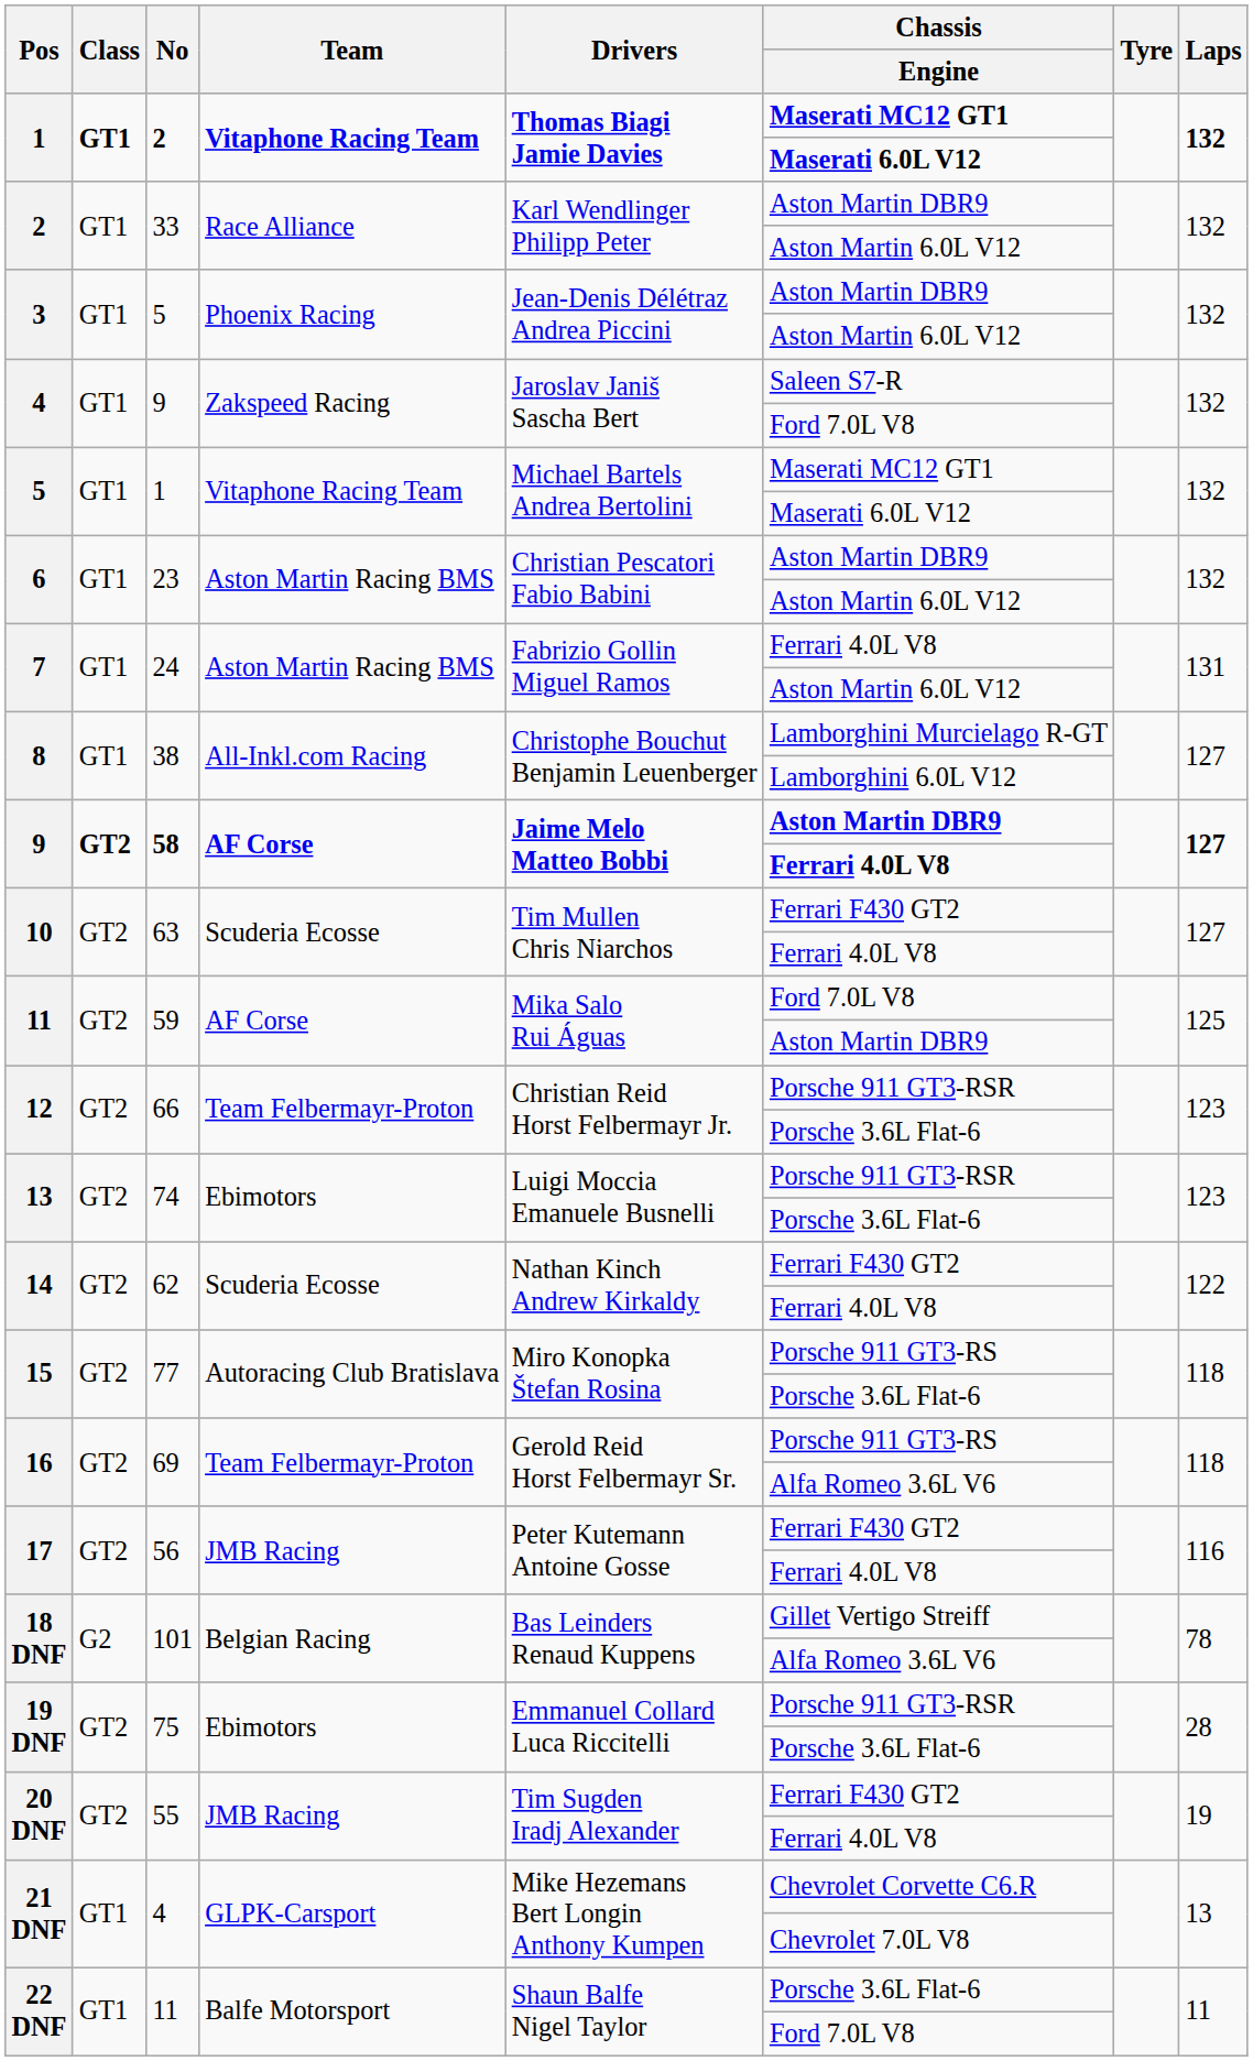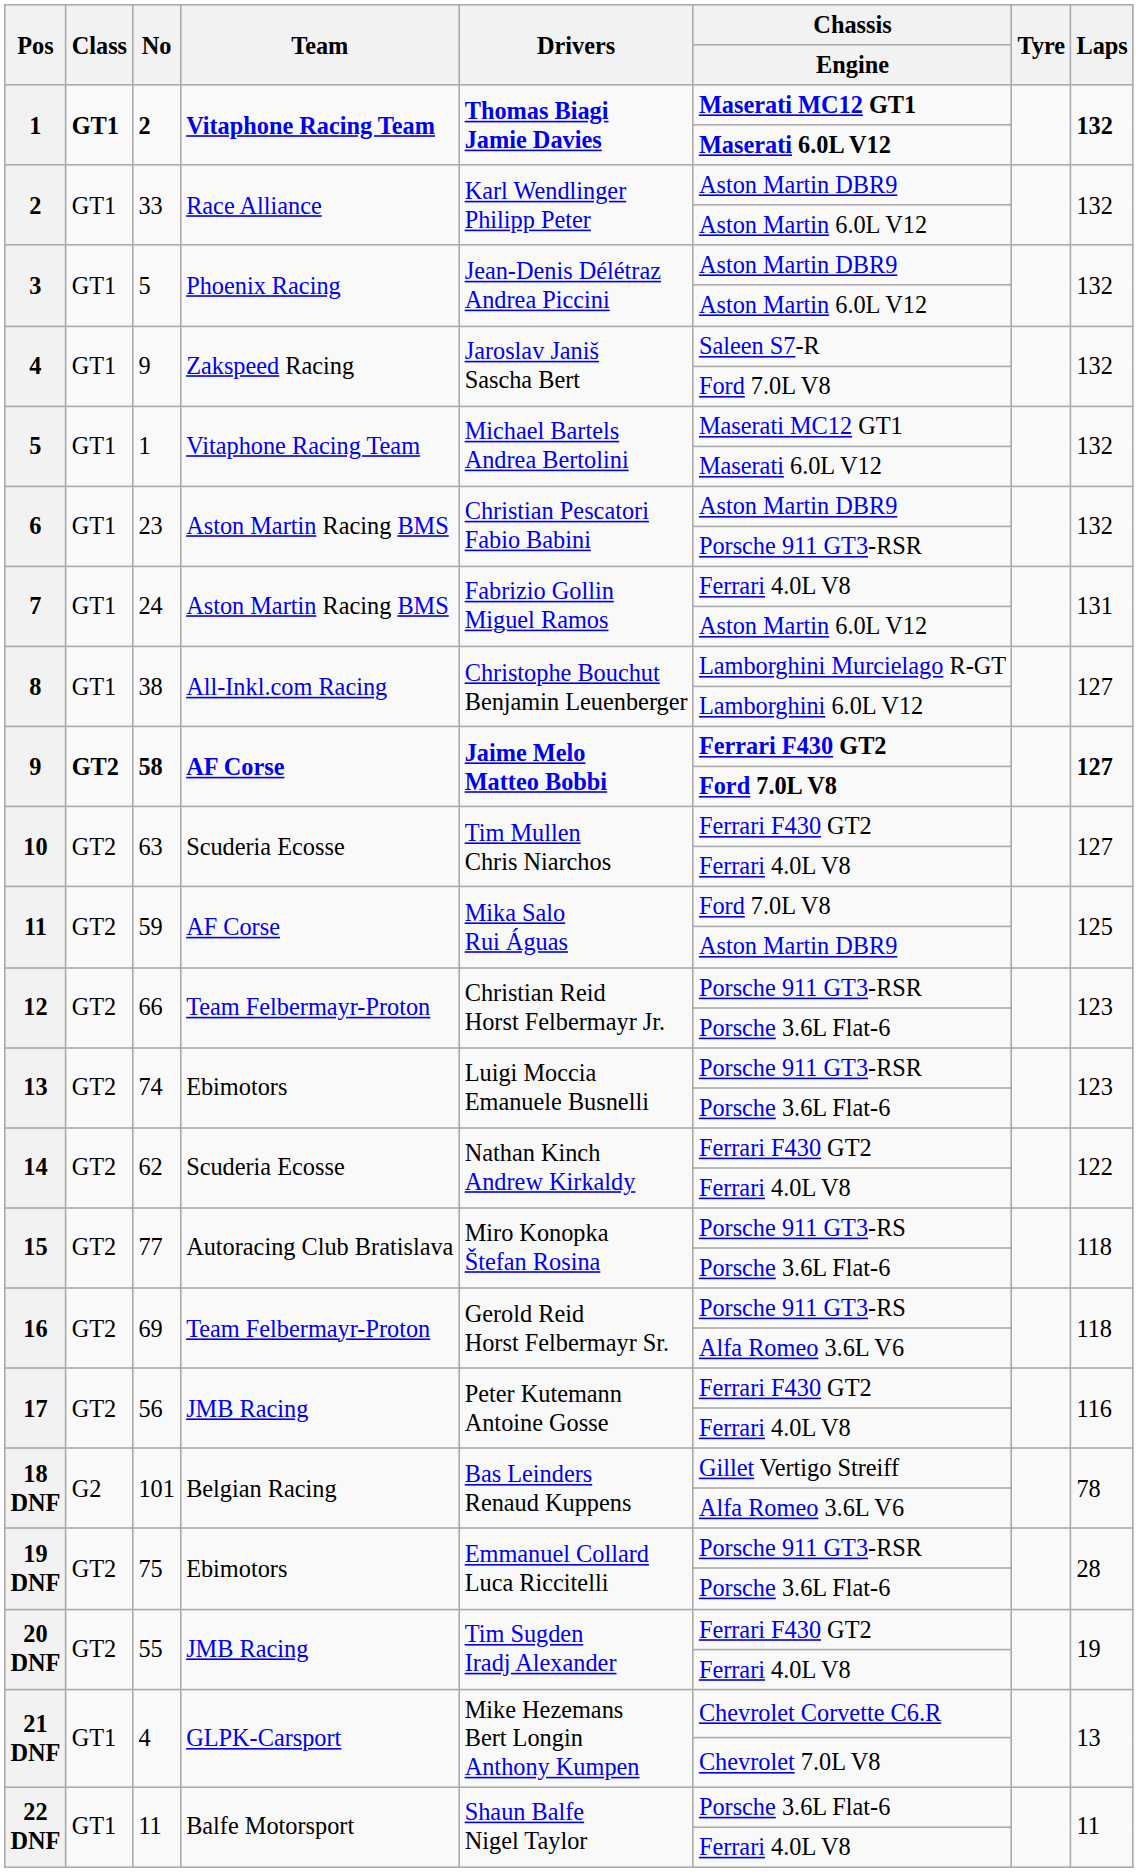 <table class="wikitable" style="font-size: 95%;">
 <tr>
 <th rowspan=2>Pos</th>
 <th rowspan=2>Class</th>
 <th rowspan=2>No</th>
 <th rowspan=2>Team</th>
 <th rowspan=2>Drivers</th>
 <th>Chassis</th>
 <th rowspan=2>Tyre</th>
 <th rowspan=2>Laps</th>
 </tr>
 <tr>
 <th>Engine</th>
 </tr>
 <tr style="font-weight:bold">
 <th rowspan=2>1</th>
 <td rowspan=2>GT1</td>
 <td rowspan=2>2</td>
 <td rowspan=2> <a href='#'>Vitaphone Racing Team</a></td>
 <td rowspan=2> <a href='#'>Thomas Biagi</a><br> <a href='#'>Jamie Davies</a></td>
 <td><a href='#'>Maserati MC12</a> GT1</td>
 <td rowspan=2></td>
 <td rowspan=2>132</td>
 </tr>
 <tr style="font-weight:bold">
 <td><a href='#'>Maserati</a> 6.0L V12</td>
 </tr>
 <tr>
 <th rowspan=2>2</th>
 <td rowspan=2>GT1</td>
 <td rowspan=2>33</td>
 <td rowspan=2> <a href='#'>Race Alliance</a></td>
 <td rowspan=2> <a href='#'>Karl Wendlinger</a><br> <a href='#'>Philipp Peter</a></td>
 <td><a href='#'>Aston Martin DBR9</a></td>
 <td rowspan=2></td>
 <td rowspan=2>132</td>
 </tr>
 <tr>
 <td><a href='#'>Aston Martin</a> 6.0L V12</td>
 </tr>
 <tr>
 <th rowspan=2>3</th>
 <td rowspan=2>GT1</td>
 <td rowspan=2>5</td>
 <td rowspan=2> <a href='#'>Phoenix Racing</a></td>
 <td rowspan=2> <a href='#'>Jean-Denis Délétraz</a><br> <a href='#'>Andrea Piccini</a></td>
 <td><a href='#'>Aston Martin DBR9</a></td>
 <td rowspan=2></td>
 <td rowspan=2>132</td>
 </tr>
 <tr>
 <td><a href='#'>Aston Martin</a> 6.0L V12</td>
 </tr>
 <tr>
 <th rowspan=2>4</th>
 <td rowspan=2>GT1</td>
 <td rowspan=2>9</td>
 <td rowspan=2> <a href='#'>Zakspeed</a> Racing</td>
 <td rowspan=2> <a href='#'>Jaroslav Janiš</a><br> Sascha Bert</td>
 <td><a href='#'>Saleen S7</a>-R</td>
 <td rowspan=2></td>
 <td rowspan=2>132</td>
 </tr>
 <tr>
 <td><a href='#'>Ford</a> 7.0L V8</td>
 </tr>
 <tr>
 <th rowspan=2>5</th>
 <td rowspan=2>GT1</td>
 <td rowspan=2>1</td>
 <td rowspan=2> <a href='#'>Vitaphone Racing Team</a></td>
 <td rowspan=2> <a href='#'>Michael Bartels</a><br> <a href='#'>Andrea Bertolini</a></td>
 <td><a href='#'>Maserati MC12</a> GT1</td>
 <td rowspan=2></td>
 <td rowspan=2>132</td>
 </tr>
 <tr>
 <td><a href='#'>Maserati</a> 6.0L V12</td>
 </tr>
 <tr>
 <th rowspan=2>6</th>
 <td rowspan=2>GT1</td>
 <td rowspan=2>23</td>
 <td rowspan=2> <a href='#'>Aston Martin</a> Racing <a href='#'>BMS</a></td>
 <td rowspan=2> <a href='#'>Christian Pescatori</a><br> <a href='#'>Fabio Babini</a></td>
 <td><a href='#'>Aston Martin DBR9</a></td>
 <td rowspan=2></td>
 <td rowspan=2>132</td>
 </tr>
 <tr>
-<td><a href='#'>Aston Martin</a> 6.0L V12</td>
+<td><a href='#'>Porsche 911 GT3</a>-RSR</td>
 </tr>
 <tr>
 <th rowspan=2>7</th>
 <td rowspan=2>GT1</td>
 <td rowspan=2>24</td>
 <td rowspan=2> <a href='#'>Aston Martin</a> Racing <a href='#'>BMS</a></td>
 <td rowspan=2> <a href='#'>Fabrizio Gollin</a><br> <a href='#'>Miguel Ramos</a></td>
 <td><a href='#'>Ferrari</a> 4.0L V8</td>
 <td rowspan=2></td>
 <td rowspan=2>131</td>
 </tr>
 <tr>
 <td><a href='#'>Aston Martin</a> 6.0L V12</td>
 </tr>
 <tr>
 <th rowspan=2>8</th>
 <td rowspan=2>GT1</td>
 <td rowspan=2>38</td>
 <td rowspan=2> <a href='#'>All-Inkl.com Racing</a></td>
 <td rowspan=2> <a href='#'>Christophe Bouchut</a><br> Benjamin Leuenberger</td>
 <td><a href='#'>Lamborghini Murcielago</a> R-GT</td>
 <td rowspan=2></td>
 <td rowspan=2>127</td>
 </tr>
 <tr>
 <td><a href='#'>Lamborghini</a> 6.0L V12</td>
 </tr>
 <tr style="font-weight:bold">
 <th rowspan=2>9</th>
 <td rowspan=2>GT2</td>
 <td rowspan=2>58</td>
 <td rowspan=2> <a href='#'>AF Corse</a></td>
 <td rowspan=2> <a href='#'>Jaime Melo</a><br> <a href='#'>Matteo Bobbi</a></td>
-<td><a href='#'>Aston Martin DBR9</a></td>
+<td><a href='#'>Ferrari F430</a> GT2</td>
 <td rowspan=2></td>
 <td rowspan=2>127</td>
 </tr>
 <tr style="font-weight:bold">
-<td><a href='#'>Ferrari</a> 4.0L V8</td>
+<td><a href='#'>Ford</a> 7.0L V8</td>
 </tr>
 <tr>
 <th rowspan=2>10</th>
 <td rowspan=2>GT2</td>
 <td rowspan=2>63</td>
 <td rowspan=2> Scuderia Ecosse</td>
 <td rowspan=2> <a href='#'>Tim Mullen</a><br> Chris Niarchos</td>
 <td><a href='#'>Ferrari F430</a> GT2</td>
 <td rowspan=2></td>
 <td rowspan=2>127</td>
 </tr>
 <tr>
 <td><a href='#'>Ferrari</a> 4.0L V8</td>
 </tr>
 <tr>
 <th rowspan=2>11</th>
 <td rowspan=2>GT2</td>
 <td rowspan=2>59</td>
 <td rowspan=2> <a href='#'>AF Corse</a></td>
 <td rowspan=2> <a href='#'>Mika Salo</a><br> <a href='#'>Rui Águas</a></td>
 <td><a href='#'>Ford</a> 7.0L V8</td>
 <td rowspan=2></td>
 <td rowspan=2>125</td>
 </tr>
 <tr>
 <td><a href='#'>Aston Martin DBR9</a></td>
 </tr>
 <tr>
 <th rowspan=2>12</th>
 <td rowspan=2>GT2</td>
 <td rowspan=2>66</td>
 <td rowspan=2> <a href='#'>Team Felbermayr-Proton</a></td>
 <td rowspan=2> Christian Reid<br> Horst Felbermayr Jr.</td>
 <td><a href='#'>Porsche 911 GT3</a>-RSR</td>
 <td rowspan=2></td>
 <td rowspan=2>123</td>
 </tr>
 <tr>
 <td><a href='#'>Porsche</a> 3.6L Flat-6</td>
 </tr>
 <tr>
 <th rowspan=2>13</th>
 <td rowspan=2>GT2</td>
 <td rowspan=2>74</td>
 <td rowspan=2> Ebimotors</td>
 <td rowspan=2> Luigi Moccia<br> Emanuele Busnelli</td>
 <td><a href='#'>Porsche 911 GT3</a>-RSR</td>
 <td rowspan=2></td>
 <td rowspan=2>123</td>
 </tr>
 <tr>
 <td><a href='#'>Porsche</a> 3.6L Flat-6</td>
 </tr>
 <tr>
 <th rowspan=2>14</th>
 <td rowspan=2>GT2</td>
 <td rowspan=2>62</td>
 <td rowspan=2> Scuderia Ecosse</td>
 <td rowspan=2> Nathan Kinch<br> <a href='#'>Andrew Kirkaldy</a></td>
 <td><a href='#'>Ferrari F430</a> GT2</td>
 <td rowspan=2></td>
 <td rowspan=2>122</td>
 </tr>
 <tr>
 <td><a href='#'>Ferrari</a> 4.0L V8</td>
 </tr>
 <tr>
 <th rowspan=2>15</th>
 <td rowspan=2>GT2</td>
 <td rowspan=2>77</td>
 <td rowspan=2> Autoracing Club Bratislava</td>
 <td rowspan=2> Miro Konopka<br> <a href='#'>Štefan Rosina</a></td>
 <td><a href='#'>Porsche 911 GT3</a>-RS</td>
 <td rowspan=2></td>
 <td rowspan=2>118</td>
 </tr>
 <tr>
 <td><a href='#'>Porsche</a> 3.6L Flat-6</td>
 </tr>
 <tr>
 <th rowspan=2>16</th>
 <td rowspan=2>GT2</td>
 <td rowspan=2>69</td>
 <td rowspan=2> <a href='#'>Team Felbermayr-Proton</a></td>
 <td rowspan=2> Gerold Reid<br> Horst Felbermayr Sr.</td>
 <td><a href='#'>Porsche 911 GT3</a>-RS</td>
 <td rowspan=2></td>
 <td rowspan=2>118</td>
 </tr>
 <tr>
 <td><a href='#'>Alfa Romeo</a> 3.6L V6</td>
 </tr>
 <tr>
 <th rowspan=2>17</th>
 <td rowspan=2>GT2</td>
 <td rowspan=2>56</td>
 <td rowspan=2> <a href='#'>JMB Racing</a></td>
 <td rowspan=2> Peter Kutemann<br> Antoine Gosse</td>
 <td><a href='#'>Ferrari F430</a> GT2</td>
 <td rowspan=2></td>
 <td rowspan=2>116</td>
 </tr>
 <tr>
 <td><a href='#'>Ferrari</a> 4.0L V8</td>
 </tr>
 <tr>
 <th rowspan=2>18<br>DNF</th>
 <td rowspan=2>G2</td>
 <td rowspan=2>101</td>
 <td rowspan=2> Belgian Racing</td>
 <td rowspan=2> <a href='#'>Bas Leinders</a><br> Renaud Kuppens</td>
 <td><a href='#'>Gillet</a> Vertigo Streiff</td>
 <td rowspan=2></td>
 <td rowspan=2>78</td>
 </tr>
 <tr>
 <td><a href='#'>Alfa Romeo</a> 3.6L V6</td>
 </tr>
 <tr>
 <th rowspan=2>19<br>DNF</th>
 <td rowspan=2>GT2</td>
 <td rowspan=2>75</td>
 <td rowspan=2> Ebimotors</td>
 <td rowspan=2> <a href='#'>Emmanuel Collard</a><br> Luca Riccitelli</td>
 <td><a href='#'>Porsche 911 GT3</a>-RSR</td>
 <td rowspan=2></td>
 <td rowspan=2>28</td>
 </tr>
 <tr>
 <td><a href='#'>Porsche</a> 3.6L Flat-6</td>
 </tr>
 <tr>
 <th rowspan=2>20<br>DNF</th>
 <td rowspan=2>GT2</td>
 <td rowspan=2>55</td>
 <td rowspan=2> <a href='#'>JMB Racing</a></td>
 <td rowspan=2> <a href='#'>Tim Sugden</a><br> <a href='#'>Iradj Alexander</a></td>
 <td><a href='#'>Ferrari F430</a> GT2</td>
 <td rowspan=2></td>
 <td rowspan=2>19</td>
 </tr>
 <tr>
 <td><a href='#'>Ferrari</a> 4.0L V8</td>
 </tr>
 <tr>
 <th rowspan=2>21<br>DNF</th>
 <td rowspan=2>GT1</td>
 <td rowspan=2>4</td>
 <td rowspan=2> <a href='#'>GLPK-Carsport</a></td>
 <td rowspan=2> Mike Hezemans<br> Bert Longin<br> <a href='#'>Anthony Kumpen</a></td>
 <td><a href='#'>Chevrolet Corvette C6.R</a></td>
 <td rowspan=2></td>
 <td rowspan=2>13</td>
 </tr>
 <tr>
 <td><a href='#'>Chevrolet</a> 7.0L V8</td>
 </tr>
 <tr>
 <th rowspan=2>22<br>DNF</th>
 <td rowspan=2>GT1</td>
 <td rowspan=2>11</td>
 <td rowspan=2> Balfe Motorsport</td>
 <td rowspan=2> <a href='#'>Shaun Balfe</a><br> Nigel Taylor</td>
 <td><a href='#'>Porsche</a> 3.6L Flat-6</td>
 <td rowspan=2></td>
 <td rowspan=2>11</td>
 </tr>
 <tr>
-<td><a href='#'>Ford</a> 7.0L V8</td>
+<td><a href='#'>Ferrari</a> 4.0L V8</td>
 </tr>
 </table>
